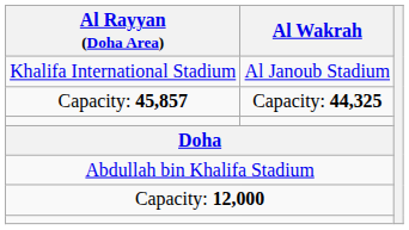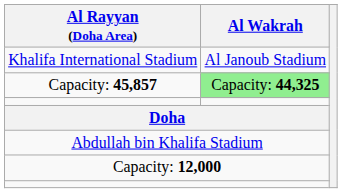 <table class="wikitable" style="text-align:center">
 <tr>
 <th><a href='#'>Al Rayyan</a><br> <small>(<a href='#'>Doha Area</a>)</small></th>
 <th><a href='#'>Al Wakrah</a></th>
 <th rowspan="8"></th>
 </tr>
 <tr>
 <td><a href='#'>Khalifa International Stadium</a></td>
 <td><a href='#'>Al Janoub Stadium</a></td>
 </tr>
 <tr>
 <td>Capacity: <strong>45,857</strong></td>
-<td>Capacity: <strong>44,325</strong></td>
+<td style="background: lightgreen;">Capacity: <strong>44,325</strong></td>
 </tr>
 <tr>
 <td></td>
 <td></td>
 </tr>
 <tr>
 <th colspan="2"><a href='#'>Doha</a></th>
 </tr>
 <tr>
 <td colspan="2"><a href='#'>Abdullah bin Khalifa Stadium</a></td>
 </tr>
 <tr>
 <td colspan="2">Capacity: <strong>12,000</strong></td>
 </tr>
 <tr>
 <td colspan="2"></td>
 </tr>
 </table>
